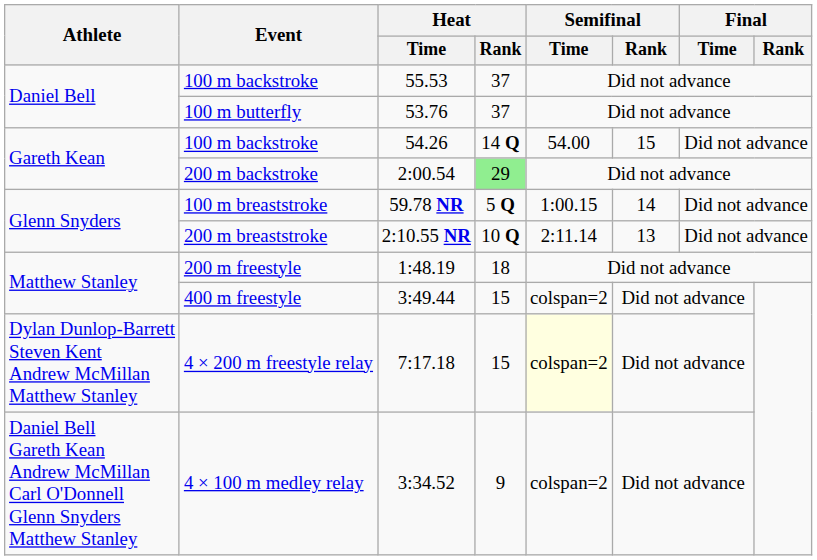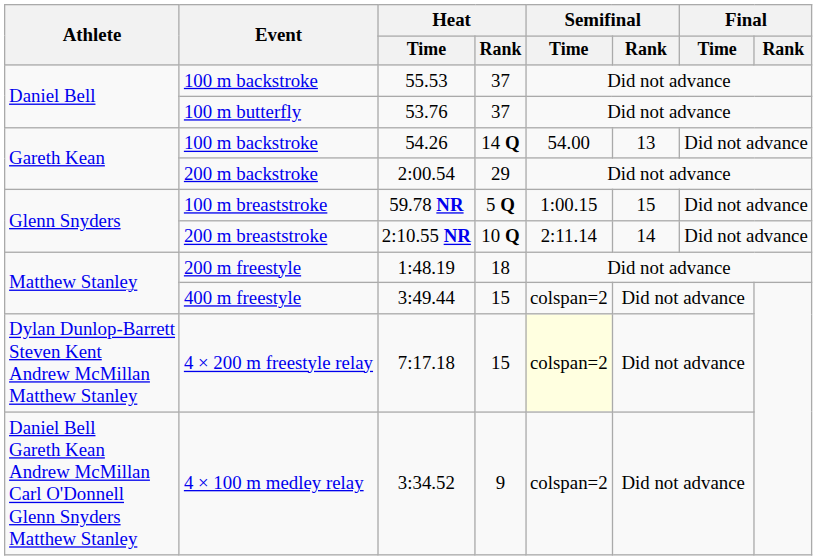 <table class=wikitable style="font-size:90%">
 <tr>
 <th rowspan="2">Athlete</th>
 <th rowspan="2">Event</th>
 <th colspan="2">Heat</th>
 <th colspan="2">Semifinal</th>
 <th colspan="2">Final</th>
 </tr>
 <tr style="font-size:95%">
 <th>Time</th>
 <th>Rank</th>
 <th>Time</th>
 <th>Rank</th>
 <th>Time</th>
 <th>Rank</th>
 </tr>
 <tr align=center>
 <td align=left rowspan=2><a href='#'>Daniel Bell</a></td>
 <td align=left><a href='#'>100 m backstroke</a></td>
 <td>55.53</td>
 <td>37</td>
 <td colspan=4>Did not advance</td>
 </tr>
 <tr align=center>
 <td align=left><a href='#'>100 m butterfly</a></td>
 <td>53.76</td>
 <td>37</td>
 <td colspan=4>Did not advance</td>
 </tr>
 <tr align=center>
 <td align=left rowspan=2><a href='#'>Gareth Kean</a></td>
 <td align=left><a href='#'>100 m backstroke</a></td>
 <td>54.26</td>
 <td>14 <strong>Q</strong></td>
 <td>54.00</td>
-<td>15</td>
+<td>13</td>
 <td colspan=2>Did not advance</td>
 </tr>
 <tr align=center>
 <td align=left><a href='#'>200 m backstroke</a></td>
 <td>2:00.54</td>
-<td style="background: lightgreen;">29</td>
+<td>29</td>
 <td colspan=4>Did not advance</td>
 </tr>
 <tr align=center>
 <td align=left rowspan=2><a href='#'>Glenn Snyders</a></td>
 <td align=left><a href='#'>100 m breaststroke</a></td>
 <td>59.78 <strong><a href='#'>NR</a></strong></td>
 <td>5 <strong>Q</strong></td>
 <td>1:00.15</td>
-<td>14</td>
+<td>15</td>
 <td colspan=2>Did not advance</td>
 </tr>
 <tr align=center>
 <td align=left><a href='#'>200 m breaststroke</a></td>
 <td>2:10.55 <strong><a href='#'>NR</a></strong></td>
 <td>10 <strong>Q</strong></td>
 <td>2:11.14</td>
-<td>13</td>
+<td>14</td>
 <td colspan=2>Did not advance</td>
 </tr>
 <tr align=center>
 <td align=left rowspan=2><a href='#'>Matthew Stanley</a></td>
 <td align=left><a href='#'>200 m freestyle</a></td>
 <td>1:48.19</td>
 <td>18</td>
 <td colspan=4>Did not advance</td>
 </tr>
 <tr align=center>
 <td align=left><a href='#'>400 m freestyle</a></td>
 <td>3:49.44</td>
 <td>15</td>
 <td>colspan=2 </td>
 <td colspan=2>Did not advance</td>
 </tr>
 <tr align=center>
 <td align=left><a href='#'>Dylan Dunlop-Barrett</a><br><a href='#'>Steven Kent</a><br><a href='#'>Andrew McMillan</a><br><a href='#'>Matthew Stanley</a></td>
 <td align=left><a href='#'>4 × 200 m freestyle relay</a></td>
 <td>7:17.18</td>
 <td>15</td>
 <td style="background: lightyellow;">colspan=2 </td>
 <td colspan=2>Did not advance</td>
 </tr>
 <tr align=center>
 <td align=left><a href='#'>Daniel Bell</a><br><a href='#'>Gareth Kean</a><br><a href='#'>Andrew McMillan</a><br><a href='#'>Carl O'Donnell</a><br><a href='#'>Glenn Snyders</a><br><a href='#'>Matthew Stanley</a></td>
 <td align=left><a href='#'>4 × 100 m medley relay</a></td>
 <td>3:34.52</td>
 <td>9</td>
 <td>colspan=2 </td>
 <td colspan=2>Did not advance</td>
 </tr>
 </table>
